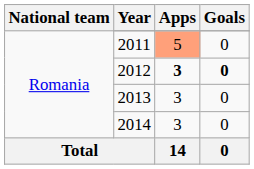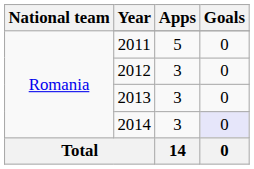 <table class="wikitable" style="text-align: center;">
 <tr>
 <th>National team</th>
 <th>Year</th>
 <th>Apps</th>
 <th>Goals</th>
 </tr>
 <tr>
 <td rowspan="5"><a href='#'>Romania</a></td>
 </tr>
 <tr>
 <td>2011</td>
-<td style="background: lightsalmon;">5</td>
+<td>5</td>
 <td>0</td>
 </tr>
 <tr>
 <td>2012</td>
-<td><strong>3</strong></td>
-<td><strong>0</strong></td>
+<td>3</td>
+<td>0</td>
 </tr>
 <tr>
 <td>2013</td>
 <td>3</td>
 <td>0</td>
 </tr>
 <tr>
 <td>2014</td>
 <td>3</td>
-<td>0</td>
+<td style="background: lavender;">0</td>
 </tr>
 <tr>
 <th colspan=2>Total</th>
 <th>14</th>
 <th>0</th>
 </tr>
 </table>
